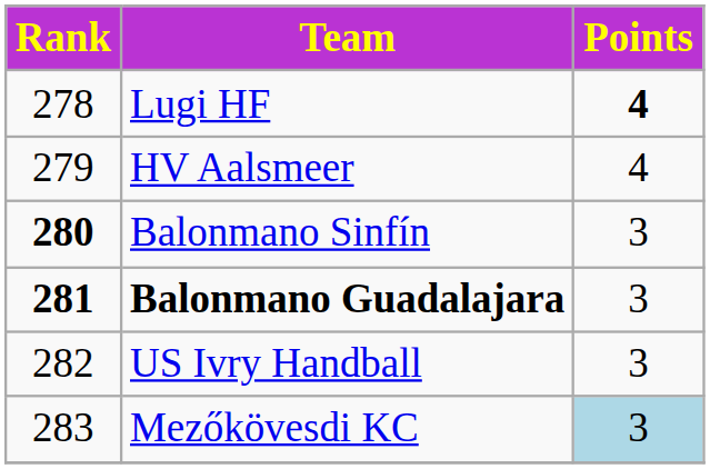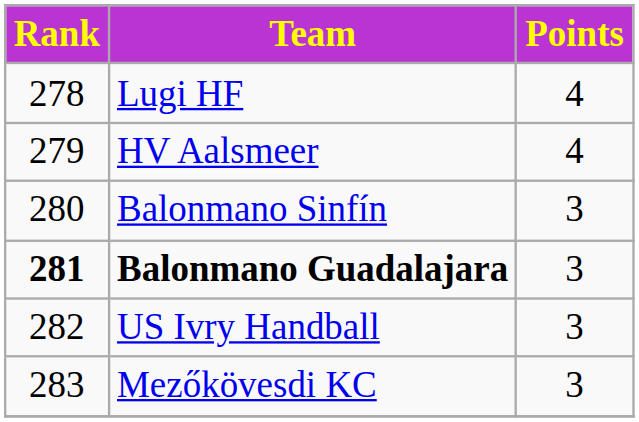 <table class="wikitable" style="text-align: center;">
 <tr>
 <th style="color:#FFFF00; background:#BA33D3">Rank</th>
 <th style="color:#FFFF00; background:#BA33D3">Team</th>
 <th style="color:#FFFF00; background:#BA33D3">Points</th>
 </tr>
 <tr>
 <td>278</td>
 <td align=left> <a href='#'>Lugi HF</a></td>
-<td><strong>4</strong></td>
+<td>4</td>
 </tr>
 <tr>
 <td>279</td>
 <td align=left> <a href='#'>HV Aalsmeer</a></td>
 <td>4</td>
 </tr>
 <tr>
-<td><strong>280</strong></td>
+<td>280</td>
 <td align=left> <a href='#'>Balonmano Sinfín</a></td>
 <td>3</td>
 </tr>
 <tr>
 <td><strong>281</strong></td>
 <td align=left> <strong>Balonmano Guadalajara</strong></td>
 <td>3</td>
 </tr>
 <tr>
 <td>282</td>
 <td align=left> <a href='#'>US Ivry Handball</a></td>
 <td>3</td>
 </tr>
 <tr>
 <td>283</td>
 <td align=left> <a href='#'>Mezőkövesdi KC</a></td>
-<td style="background: lightblue;">3</td>
+<td>3</td>
 </tr>
 <tr>
 </tr>
 </table>
